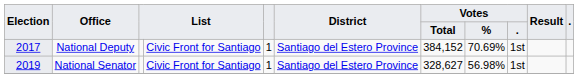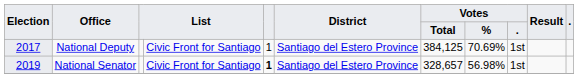 <table class="wikitable" style="font-size:90%; text-align:center;">
 <tr>
 <th style="background-color:#EAECF0;" rowspan=2>Election</th>
 <th style="background-color:#EAECF0;" rowspan=2>Office</th>
 <th style="background-color:#EAECF0;" colspan=2 rowspan=2>List</th>
 <th style="background-color:#EAECF0;" rowspan=2></th>
 <th style="background-color:#EAECF0;" rowspan=2>District</th>
 <th style="background-color:#EAECF0;" colspan=3>Votes</th>
 <th style="background-color:#EAECF0;" rowspan=2>Result</th>
 <th style="background-color:#EAECF0;" rowspan=2>.</th>
 </tr>
 <tr>
 <th style="background-color:#EAECF0;">Total</th>
 <th style="background-color:#EAECF0;">%</th>
 <th style="background-color:#EAECF0;">.</th>
 </tr>
 <tr>
 <td style="background-color:#EAECF0;"><a href='#'>2017</a></td>
 <td><a href='#'>National Deputy</a></td>
 <td style="background-color:"></td>
 <td><a href='#'>Civic Front for Santiago</a></td>
 <td>1</td>
 <td><a href='#'>Santiago del Estero Province</a></td>
-<td>384,152</td>
+<td>384,125</td>
 <td>70.69%</td>
 <td>1st</td>
 <td></td>
 <td></td>
 </tr>
 <tr>
 <td style="background-color:#EAECF0;"><a href='#'>2019</a></td>
 <td><a href='#'>National Senator</a></td>
 <td style="background-color:"></td>
 <td><a href='#'>Civic Front for Santiago</a></td>
-<td>1</td>
+<td><strong>1</strong></td>
 <td><a href='#'>Santiago del Estero Province</a></td>
-<td>328,627</td>
+<td>328,657</td>
 <td>56.98%</td>
 <td>1st</td>
 <td></td>
 <td></td>
 </tr>
 <tr>
 </tr>
 </table>
